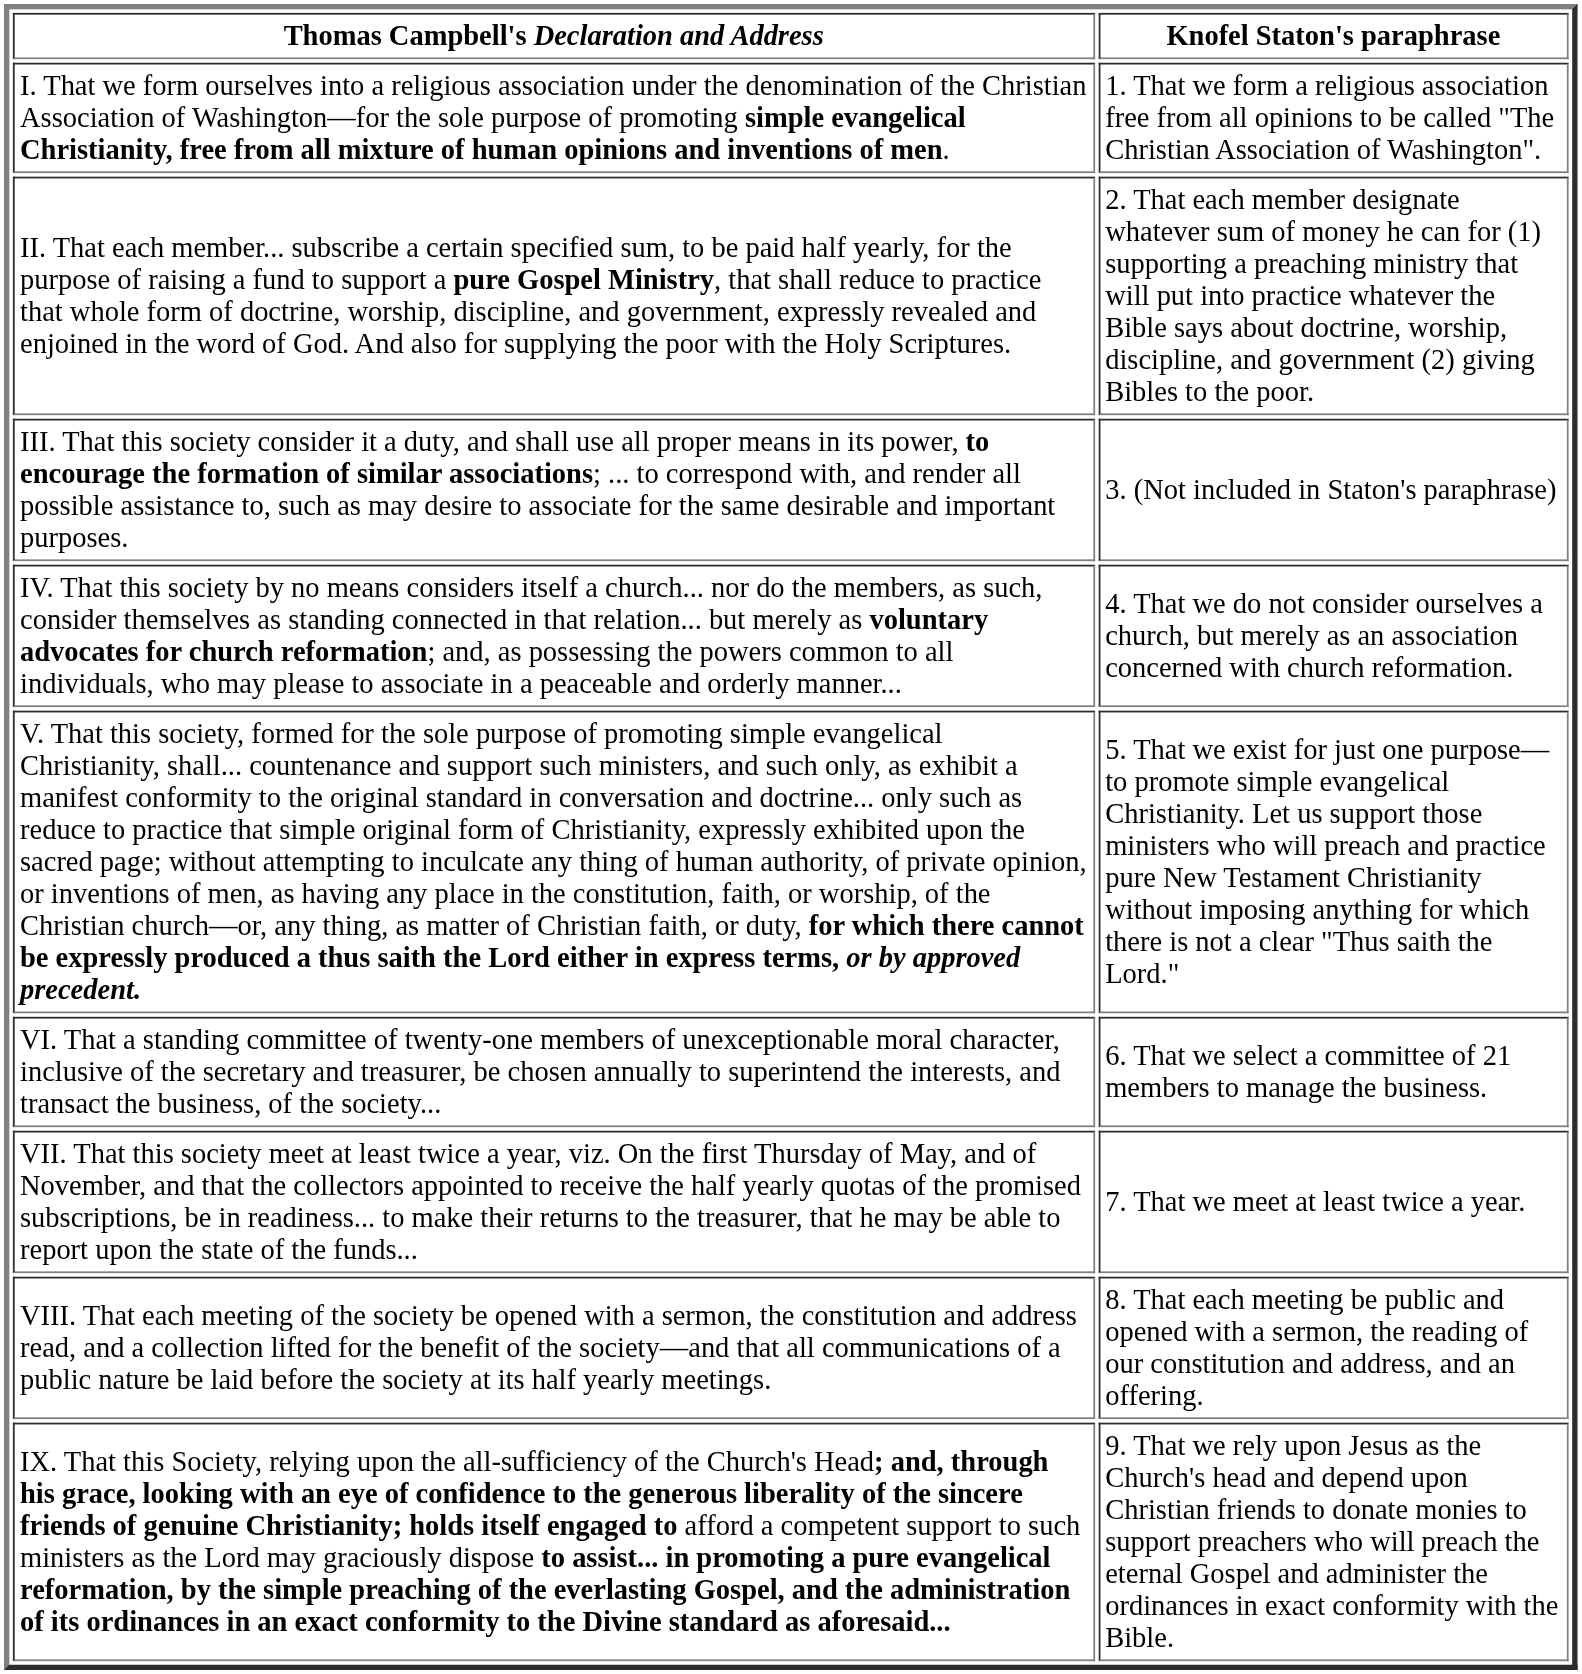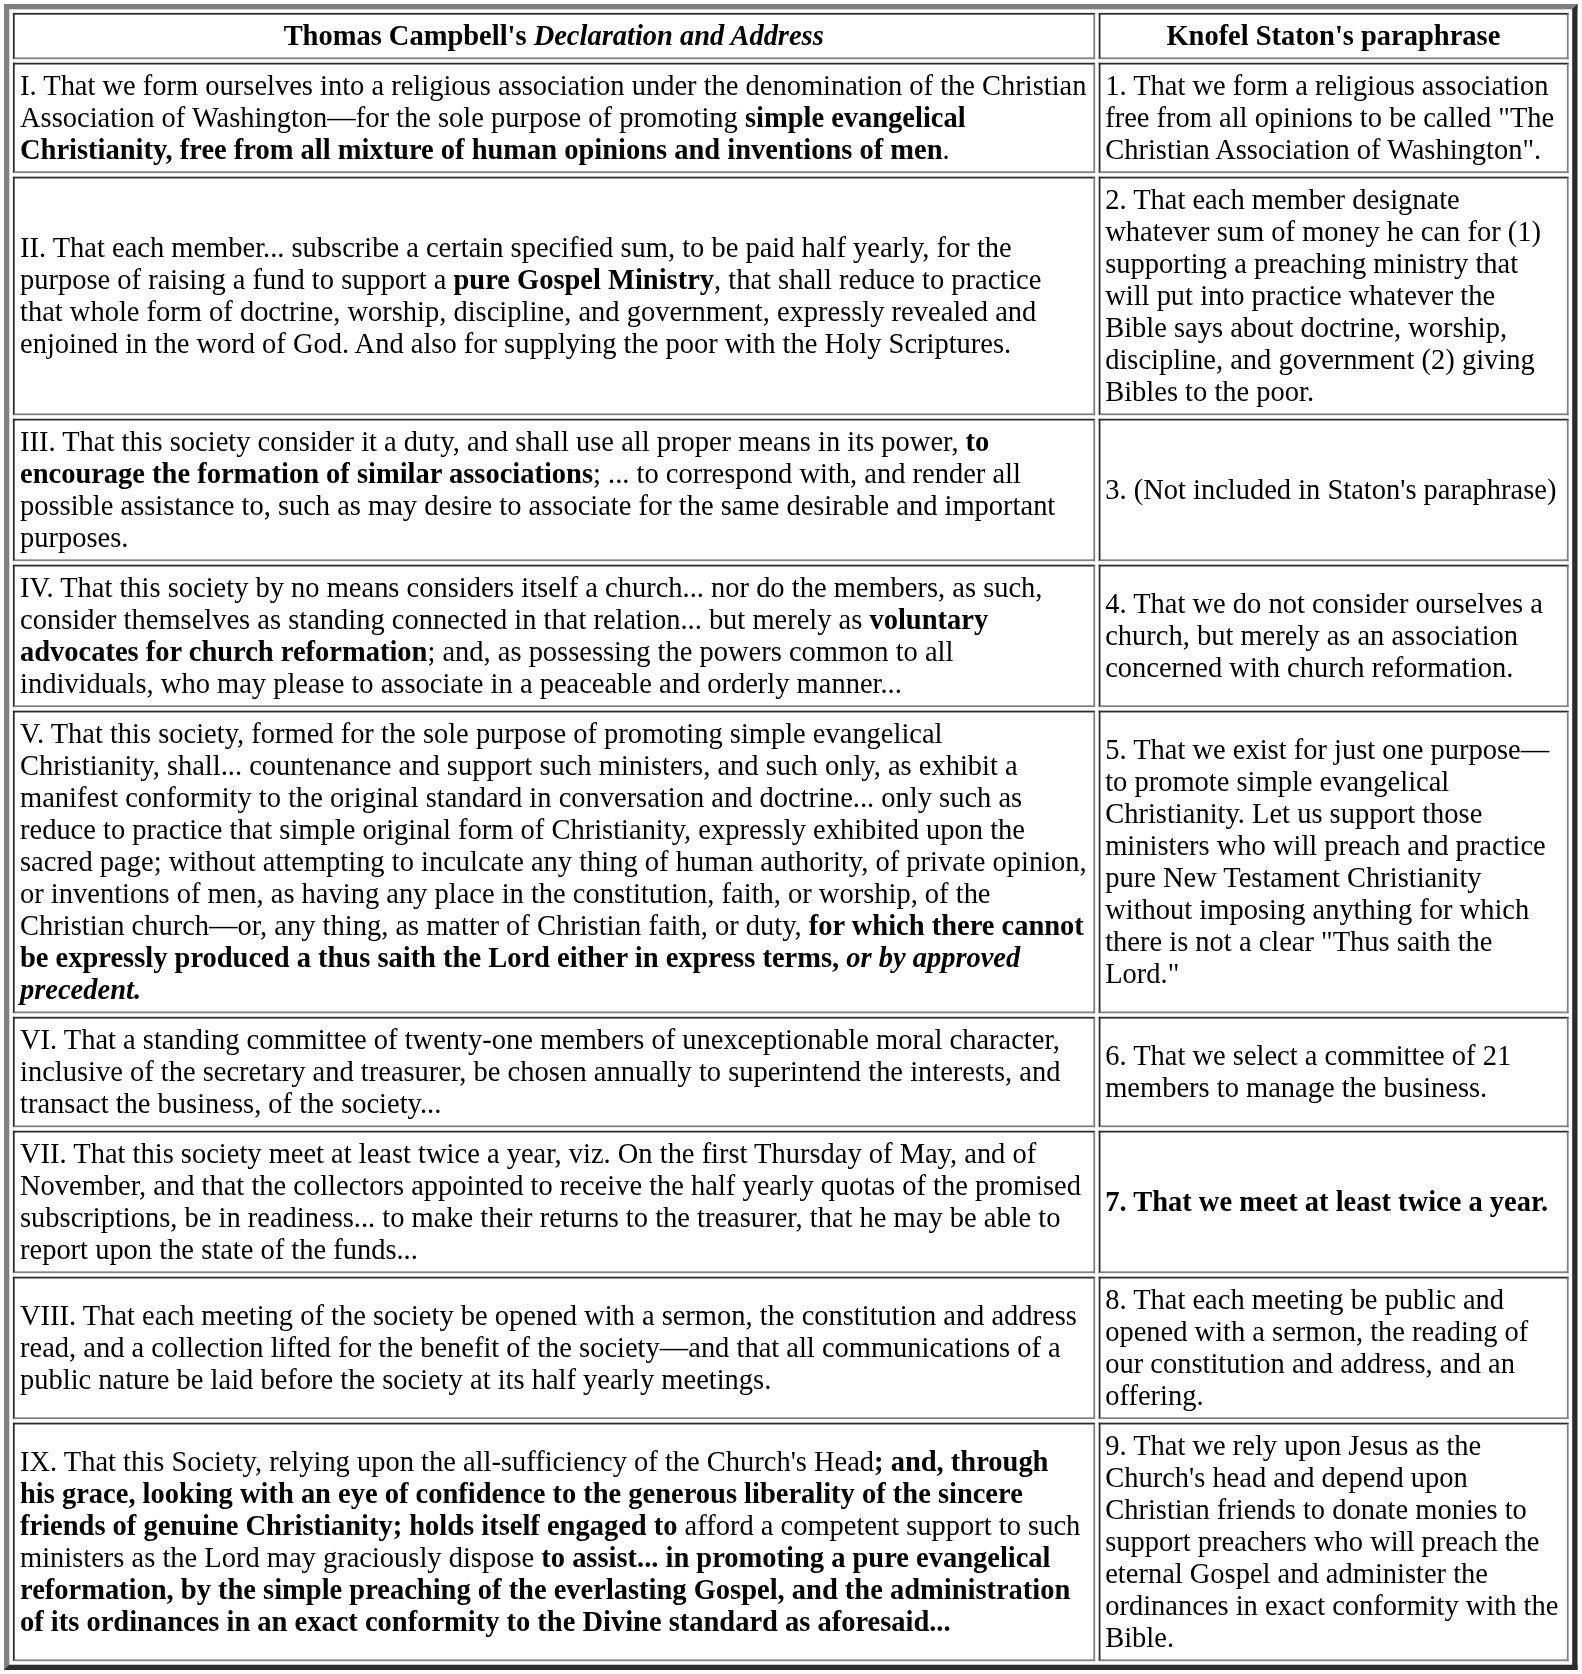 <table border="3" cellpadding="3">
 <tr>
 <th>Thomas Campbell's <em>Declaration and Address</em></th>
 <th>Knofel Staton's paraphrase</th>
 </tr>
 <tr>
 <td>I. That we form ourselves into a religious association under the denomination of the Christian Association of Washington—for the sole purpose of promoting <strong>simple evangelical Christianity, free from all mixture of human opinions and inventions of men</strong>.</td>
 <td>1. That we form a religious association free from all opinions to be called "The Christian Association of Washington".</td>
 </tr>
 <tr>
 <td>II. That each member... subscribe a certain specified sum, to be paid half yearly, for the purpose of raising a fund to support a <strong>pure Gospel Ministry</strong>, that shall reduce to practice that whole form of doctrine, worship, discipline, and government, expressly revealed and enjoined in the word of God. And also for supplying the poor with the Holy Scriptures.</td>
 <td>2. That each member designate whatever sum of money he can for (1) supporting a preaching ministry that will put into practice whatever the Bible says about doctrine, worship, discipline, and government (2) giving Bibles to the poor.</td>
 </tr>
 <tr>
 <td>III. That this society consider it a duty, and shall use all proper means in its power, <strong>to encourage the formation of similar associations</strong>; ... to correspond with, and render all possible assistance to, such as may desire to associate for the same desirable and important purposes.</td>
 <td>3. (Not included in Staton's paraphrase)</td>
 </tr>
 <tr>
 <td>IV. That this society by no means considers itself a church... nor do the members, as such, consider themselves as standing connected in that relation... but merely as <strong>voluntary advocates for church reformation</strong>; and, as possessing the powers common to all individuals, who may please to associate in a peaceable and orderly manner...</td>
 <td>4. That we do not consider ourselves a church, but merely as an association concerned with church reformation.</td>
 </tr>
 <tr>
 <td>V. That this society, formed for the sole purpose of promoting simple evangelical Christianity, shall... countenance and support such ministers, and such only, as exhibit a manifest conformity to the original standard in conversation and doctrine... only such as reduce to practice that simple original form of Christianity, expressly exhibited upon the sacred page; without attempting to inculcate any thing of human authority, of private opinion, or inventions of men, as having any place in the constitution, faith, or worship, of the Christian church—or, any thing, as matter of Christian faith, or duty, <strong>for which there cannot be expressly produced a thus saith the Lord either in express terms, <em>or by approved precedent<strong><em>.</td>
 <td>5. That we exist for just one purpose—to promote simple evangelical Christianity. Let us support those ministers who will preach and practice pure New Testament Christianity without imposing anything for which there is not a clear "Thus saith the Lord."</td>
 </tr>
 <tr>
 <td>VI. That a standing committee of twenty-one members of unexceptionable moral character, inclusive of the secretary and treasurer, be chosen annually to superintend the interests, and transact the business, of the society...</td>
 <td>6. That we select a committee of 21 members to manage the business.</td>
 </tr>
 <tr>
 <td>VII. That this society meet at least twice a year, viz. On the first Thursday of May, and of November, and that the collectors appointed to receive the half yearly quotas of the promised subscriptions, be in readiness... to make their returns to the treasurer, that he may be able to report upon the state of the funds...</td>
-<td>7. That we meet at least twice a year.</td>
+<td><strong>7. That we meet at least twice a year.</strong></td>
 </tr>
 <tr>
 <td>VIII. That each meeting of the society be opened with a sermon, the constitution and address read, and a collection lifted for the benefit of the society—and that all communications of a public nature be laid before the society at its half yearly meetings.</td>
 <td>8. That each meeting be public and opened with a sermon, the reading of our constitution and address, and an offering.</td>
 </tr>
 <tr>
 <td>IX. That this Society, </strong>relying upon the all-sufficiency of the Church's Head<strong>; and, through his grace, looking with an eye of confidence to the generous liberality of the sincere friends of genuine Christianity; holds itself engaged to </strong>afford a competent support to such ministers as the Lord may graciously dispose<strong> to assist... in promoting a pure evangelical reformation, by the simple preaching of the everlasting Gospel, and the administration of its ordinances in an exact conformity to the Divine standard as aforesaid...</td>
 <td>9. That we rely upon Jesus as the Church's head and depend upon Christian friends to donate monies to support preachers who will preach the eternal Gospel and administer the ordinances in exact conformity with the Bible.</td>
 </tr>
 </table>
